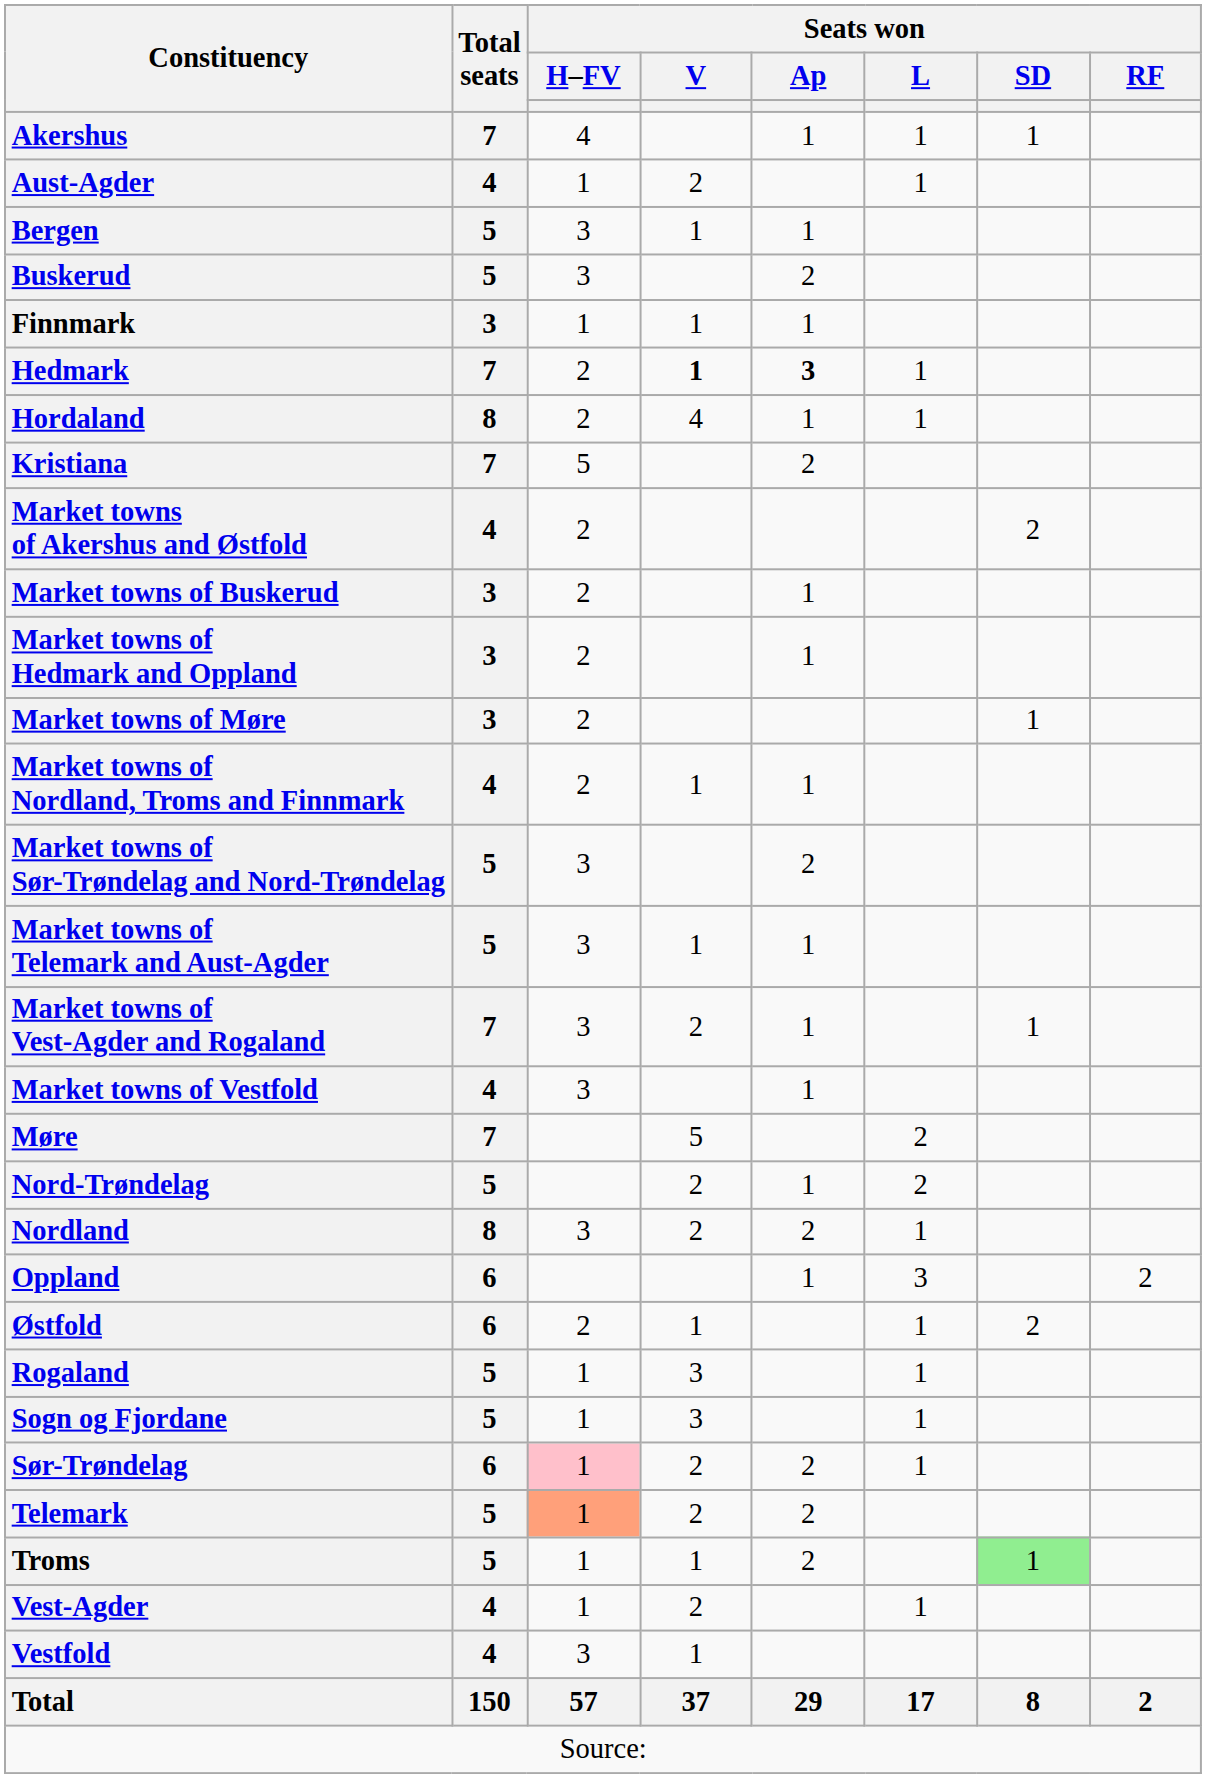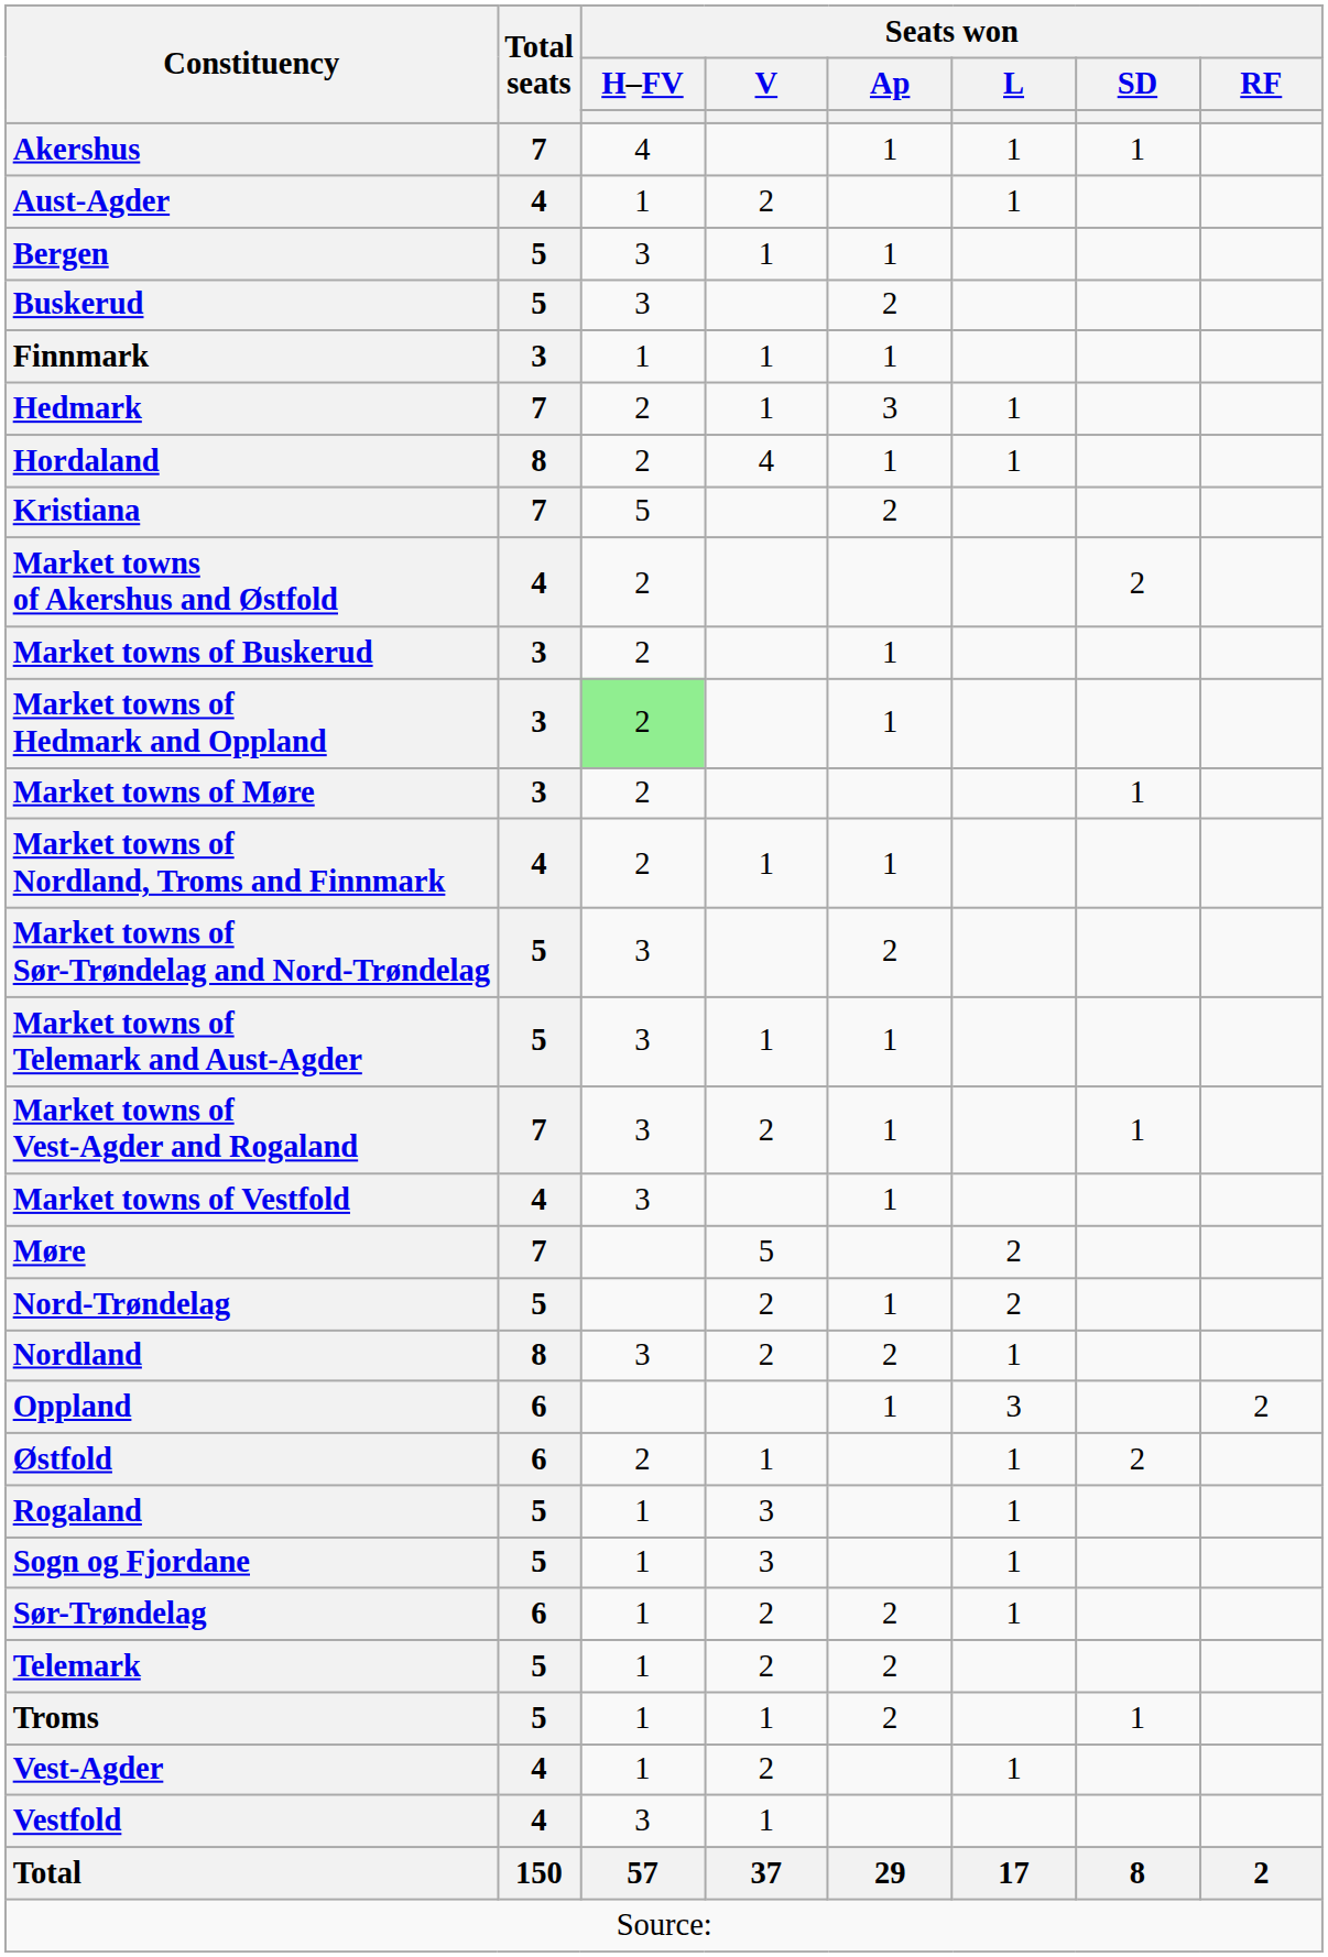 <table class="wikitable" style="text-align:center; font-size: 0.9em;">
 <tr>
 <th rowspan="3">Constituency</th>
 <th rowspan="3">Total<br>seats</th>
 <th colspan="6">Seats won</th>
 </tr>
 <tr>
 <th class="unsortable" style="width:50px;"><a href='#'>H</a>–<a href='#'>FV</a></th>
 <th class="unsortable" style="width:50px;"><a href='#'>V</a></th>
 <th class="unsortable" style="width:50px;"><a href='#'>Ap</a></th>
 <th class="unsortable" style="width:50px;"><a href='#'>L</a></th>
 <th class="unsortable" style="width:50px;"><a href='#'>SD</a></th>
 <th class="unsortable" style="width:50px;"><a href='#'>RF</a></th>
 </tr>
 <tr>
 <th style="background:"></th>
 <th style="background:"></th>
 <th style="background:"></th>
 <th style="background:"></th>
 <th style="background:"></th>
 <th style="background:"></th>
 </tr>
 <tr>
 <th style="text-align: left;"><a href='#'>Akershus</a></th>
 <th>7</th>
 <td>4</td>
 <td></td>
 <td>1</td>
 <td>1</td>
 <td>1</td>
 <td></td>
 </tr>
 <tr>
 <th style="text-align: left;"><a href='#'>Aust-Agder</a></th>
 <th>4</th>
 <td>1</td>
 <td>2</td>
 <td></td>
 <td>1</td>
 <td></td>
 <td></td>
 </tr>
 <tr>
 <th style="text-align: left;"><a href='#'>Bergen</a></th>
 <th>5</th>
 <td>3</td>
 <td>1</td>
 <td>1</td>
 <td></td>
 <td></td>
 <td></td>
 </tr>
 <tr>
 <th style="text-align: left;"><a href='#'>Buskerud</a></th>
 <th>5</th>
 <td>3</td>
 <td></td>
 <td>2</td>
 <td></td>
 <td></td>
 <td></td>
 </tr>
 <tr>
 <th style="text-align: left;">Finnmark</th>
 <th>3</th>
 <td>1</td>
 <td>1</td>
 <td>1</td>
 <td></td>
 <td></td>
 <td></td>
 </tr>
 <tr>
 <th style="text-align: left;"><a href='#'>Hedmark</a></th>
 <th>7</th>
 <td>2</td>
-<td><strong>1</strong></td>
-<td><strong>3</strong></td>
+<td>1</td>
+<td>3</td>
 <td>1</td>
 <td></td>
 <td></td>
 </tr>
 <tr>
 <th style="text-align: left;"><a href='#'>Hordaland</a></th>
 <th>8</th>
 <td>2</td>
 <td>4</td>
 <td>1</td>
 <td>1</td>
 <td></td>
 <td></td>
 </tr>
 <tr>
 <th style="text-align: left;"><a href='#'>Kristiana</a></th>
 <th>7</th>
 <td>5</td>
 <td></td>
 <td>2</td>
 <td></td>
 <td></td>
 <td></td>
 </tr>
 <tr>
 <th style="text-align: left;"><a href='#'>Market towns<br>of Akershus and Østfold</a></th>
 <th>4</th>
 <td>2</td>
 <td></td>
 <td></td>
 <td></td>
 <td>2</td>
 <td></td>
 </tr>
 <tr>
 <th style="text-align: left;"><a href='#'>Market towns of Buskerud</a></th>
 <th>3</th>
 <td>2</td>
 <td></td>
 <td>1</td>
 <td></td>
 <td></td>
 <td></td>
 </tr>
 <tr>
 <th style="text-align: left;"><a href='#'>Market towns of<br>Hedmark and Oppland</a></th>
 <th>3</th>
-<td>2</td>
+<td style="background: lightgreen;">2</td>
 <td></td>
 <td>1</td>
 <td></td>
 <td></td>
 <td></td>
 </tr>
 <tr>
 <th style="text-align: left;"><a href='#'>Market towns of Møre</a></th>
 <th>3</th>
 <td>2</td>
 <td></td>
 <td></td>
 <td></td>
 <td>1</td>
 <td></td>
 </tr>
 <tr>
 <th style="text-align: left;"><a href='#'>Market towns of<br>Nordland, Troms and Finnmark</a></th>
 <th>4</th>
 <td>2</td>
 <td>1</td>
 <td>1</td>
 <td></td>
 <td></td>
 <td></td>
 </tr>
 <tr>
 <th style="text-align: left;"><a href='#'>Market towns of<br>Sør-Trøndelag and Nord-Trøndelag</a></th>
 <th>5</th>
 <td>3</td>
 <td></td>
 <td>2</td>
 <td></td>
 <td></td>
 <td></td>
 </tr>
 <tr>
 <th style="text-align: left;"><a href='#'>Market towns of<br>Telemark and Aust-Agder</a></th>
 <th>5</th>
 <td>3</td>
 <td>1</td>
 <td>1</td>
 <td></td>
 <td></td>
 <td></td>
 </tr>
 <tr>
 <th style="text-align: left;"><a href='#'>Market towns of<br>Vest-Agder and Rogaland</a></th>
 <th>7</th>
 <td>3</td>
 <td>2</td>
 <td>1</td>
 <td></td>
 <td>1</td>
 <td></td>
 </tr>
 <tr>
 <th style="text-align: left;"><a href='#'>Market towns of Vestfold</a></th>
 <th>4</th>
 <td>3</td>
 <td></td>
 <td>1</td>
 <td></td>
 <td></td>
 <td></td>
 </tr>
 <tr>
 <th style="text-align: left;"><a href='#'>Møre</a></th>
 <th>7</th>
 <td></td>
 <td>5</td>
 <td></td>
 <td>2</td>
 <td></td>
 <td></td>
 </tr>
 <tr>
 <th style="text-align: left;"><a href='#'>Nord-Trøndelag</a></th>
 <th>5</th>
 <td></td>
 <td>2</td>
 <td>1</td>
 <td>2</td>
 <td></td>
 <td></td>
 </tr>
 <tr>
 <th style="text-align: left;"><a href='#'>Nordland</a></th>
 <th>8</th>
 <td>3</td>
 <td>2</td>
 <td>2</td>
 <td>1</td>
 <td></td>
 <td></td>
 </tr>
 <tr>
 <th style="text-align: left;"><a href='#'>Oppland</a></th>
 <th>6</th>
 <td></td>
 <td></td>
 <td>1</td>
 <td>3</td>
 <td></td>
 <td>2</td>
 </tr>
 <tr>
 <th style="text-align: left;"><a href='#'>Østfold</a></th>
 <th>6</th>
 <td>2</td>
 <td>1</td>
 <td></td>
 <td>1</td>
 <td>2</td>
 <td></td>
 </tr>
 <tr>
 <th style="text-align: left;"><a href='#'>Rogaland</a></th>
 <th>5</th>
 <td>1</td>
 <td>3</td>
 <td></td>
 <td>1</td>
 <td></td>
 <td></td>
 </tr>
 <tr>
 <th style="text-align: left;"><a href='#'>Sogn og Fjordane</a></th>
 <th>5</th>
 <td>1</td>
 <td>3</td>
 <td></td>
 <td>1</td>
 <td></td>
 <td></td>
 </tr>
 <tr>
 <th style="text-align: left;"><a href='#'>Sør-Trøndelag</a></th>
 <th>6</th>
-<td style="background: pink;">1</td>
+<td>1</td>
 <td>2</td>
 <td>2</td>
 <td>1</td>
 <td></td>
 <td></td>
 </tr>
 <tr>
 <th style="text-align: left;"><a href='#'>Telemark</a></th>
 <th>5</th>
-<td style="background: lightsalmon;">1</td>
+<td>1</td>
 <td>2</td>
 <td>2</td>
 <td></td>
 <td></td>
 <td></td>
 </tr>
 <tr>
 <th style="text-align: left;">Troms</th>
 <th>5</th>
 <td>1</td>
 <td>1</td>
 <td>2</td>
 <td></td>
-<td style="background: lightgreen;">1</td>
+<td>1</td>
 <td></td>
 </tr>
 <tr>
 <th style="text-align: left;"><a href='#'>Vest-Agder</a></th>
 <th>4</th>
 <td>1</td>
 <td>2</td>
 <td></td>
 <td>1</td>
 <td></td>
 <td></td>
 </tr>
 <tr>
 <th style="text-align: left;"><a href='#'>Vestfold</a></th>
 <th>4</th>
 <td>3</td>
 <td>1</td>
 <td></td>
 <td></td>
 <td></td>
 <td></td>
 </tr>
 <tr>
 <th style="text-align: left;">Total</th>
 <th>150</th>
 <th>57</th>
 <th>37</th>
 <th>29</th>
 <th>17</th>
 <th>8</th>
 <th>2</th>
 </tr>
 <tr>
 <td colspan="8">Source: </td>
 </tr>
 </table>
